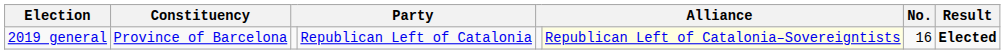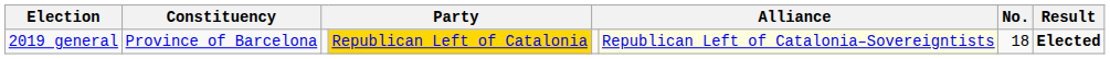 <table class="wikitable" style="text-align:left;">
 <tr>
 <th scope=col>Election</th>
 <th scope=col>Constituency</th>
 <th scope=col colspan="2">Party</th>
 <th scope=col colspan="2">Alliance</th>
 <th scope=col>No.</th>
 <th scope=col>Result</th>
 </tr>
 <tr>
 <td><a href='#'>2019 general</a></td>
 <td><a href='#'>Province of Barcelona</a></td>
 <td style="background:"></td>
-<td><a href='#'>Republican Left of Catalonia</a></td>
+<td style="background: gold;"><a href='#'>Republican Left of Catalonia</a></td>
 <td style="background:"></td>
 <td style="background: lightyellow;"><a href='#'>Republican Left of Catalonia–Sovereigntists</a></td>
-<td align=right>16</td>
+<td align=right>18</td>
 <td><strong>Elected</strong></td>
 </tr>
 </table>
